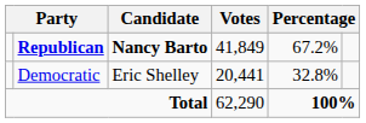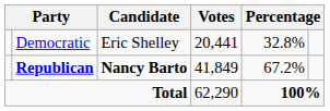 <table class="wikitable" style="text-align:right;">
 <tr style="background-color:#E9E9E9;text-align:center;">
 <th colspan=2>Party</th>
 <th>Candidate</th>
 <th>Votes</th>
 <th colspan=2>Percentage</th>
+</tr>
+<tr>
+<td style="background-color:"></td>
+<td style="text-align:left;"><a href='#'>Democratic</a></td>
+<td style="text-align:left;">Eric Shelley</td>
+<td style="text-align:right;">20,441</td>
+<td style="text-align:right;">32.8%</td>
+<td style="text-align:right;"><div><div> </div></div></td>
 </tr>
 <tr>
 <td style="background-color:"></td>
 <td style="text-align:left;"><strong><a href='#'>Republican</a></strong></td>
 <td style="text-align:left;"><strong>Nancy Barto</strong></td>
 <td style="text-align:right;">41,849</td>
 <td style="text-align:right;">67.2%</td>
 <td style="text-align:right;"><div><div> </div></div></td>
 </tr>
 <tr>
-<td style="background-color:"></td>
-<td style="text-align:left;"><a href='#'>Democratic</a></td>
-<td style="text-align:left;">Eric Shelley</td>
-<td style="text-align:right;">20,441</td>
-<td style="text-align:right;">32.8%</td>
-<td style="text-align:right;"><div><div> </div></div></td>
-</tr>
-<tr>
 <td colspan="3" style="text-align:right;"><strong>Total</strong></td>
 <td style="text-align:right;">62,290</td>
 <td style="text-align:right;" colspan=2><strong>100%</strong></td>
 </tr>
 </table>
